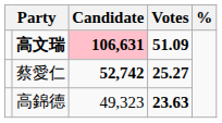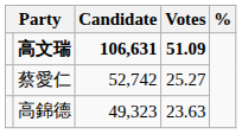 <table class="wikitable">
 <tr>
 <th colspan="2">Party</th>
 <th>Candidate</th>
 <th>Votes</th>
 <th>%</th>
 </tr>
 <tr>
 <td></td>
 <td><strong>高文瑞</strong></td>
-<td align="right" style="background: pink;"><strong>106,631</strong></td>
+<td align="right"><strong>106,631</strong></td>
 <td align="right"><strong>51.09</strong></td>
 </tr>
 <tr>
 <td></td>
 <td>蔡愛仁</td>
-<td align="right"><strong>52,742</strong></td>
-<td align="right"><strong>25.27</strong></td>
+<td align="right">52,742</td>
+<td align="right">25.27</td>
 </tr>
 <tr>
 <td></td>
 <td>高錦德</td>
 <td align="right">49,323</td>
-<td align="right"><strong>23.63</strong></td>
+<td align="right">23.63</td>
 </tr>
 </table>
